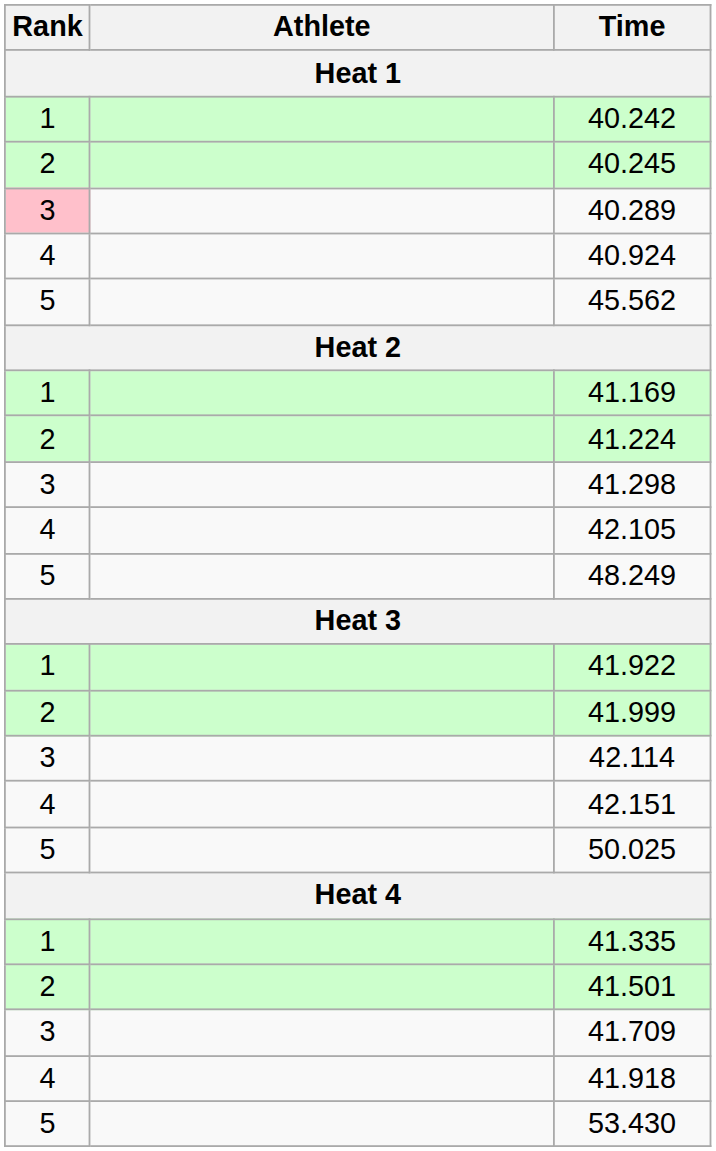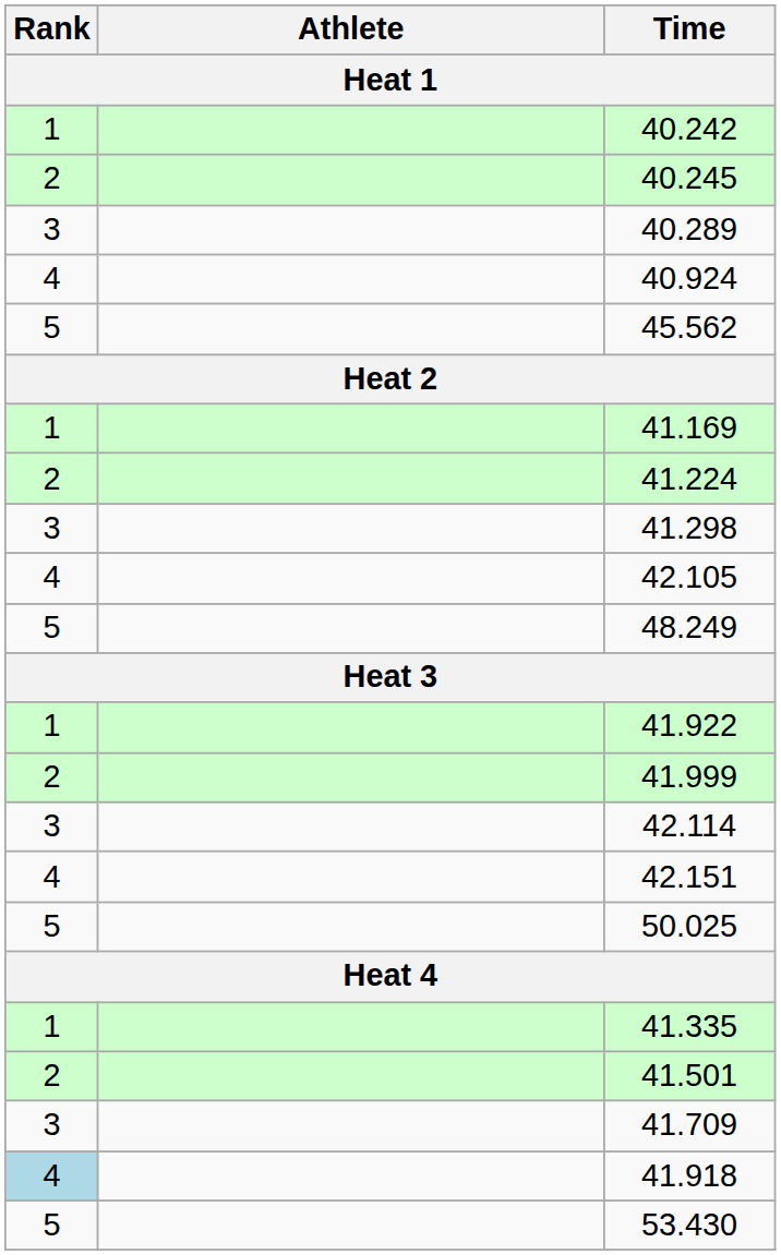 <table class=wikitable style="text-align:center">
 <tr>
 <th width=40>Rank</th>
 <th width=250>Athlete</th>
 <th width=80>Time</th>
 </tr>
 <tr>
 <th colspan=3>Heat 1</th>
 </tr>
 <tr bgcolor="ccffcc">
 <td>1</td>
 <td align=left></td>
 <td>40.242</td>
 </tr>
 <tr bgcolor="ccffcc">
 <td>2</td>
 <td align=left></td>
 <td>40.245</td>
 </tr>
 <tr>
-<td style="background: pink;">3</td>
+<td>3</td>
 <td align=left></td>
 <td>40.289</td>
 </tr>
 <tr>
 <td>4</td>
 <td align=left></td>
 <td>40.924</td>
 </tr>
 <tr>
 <td>5</td>
 <td align=left></td>
 <td>45.562</td>
 </tr>
 <tr>
 <th colspan=3>Heat 2</th>
 </tr>
 <tr bgcolor="ccffcc">
 <td>1</td>
 <td align=left></td>
 <td>41.169</td>
 </tr>
 <tr bgcolor="ccffcc">
 <td>2</td>
 <td align=left></td>
 <td>41.224</td>
 </tr>
 <tr>
 <td>3</td>
 <td align=left></td>
 <td>41.298</td>
 </tr>
 <tr>
 <td>4</td>
 <td align=left></td>
 <td>42.105</td>
 </tr>
 <tr>
 <td>5</td>
 <td align=left></td>
 <td>48.249</td>
 </tr>
 <tr>
 <th colspan=3>Heat 3</th>
 </tr>
 <tr bgcolor="ccffcc">
 <td>1</td>
 <td align=left></td>
 <td>41.922</td>
 </tr>
 <tr bgcolor="ccffcc">
 <td>2</td>
 <td align=left></td>
 <td>41.999</td>
 </tr>
 <tr>
 <td>3</td>
 <td align=left></td>
 <td>42.114</td>
 </tr>
 <tr>
 <td>4</td>
 <td align=left></td>
 <td>42.151</td>
 </tr>
 <tr>
 <td>5</td>
 <td align=left></td>
 <td>50.025</td>
 </tr>
 <tr>
 <th colspan=3>Heat 4</th>
 </tr>
 <tr bgcolor="ccffcc">
 <td>1</td>
 <td align=left></td>
 <td>41.335</td>
 </tr>
 <tr bgcolor="ccffcc">
 <td>2</td>
 <td align=left></td>
 <td>41.501</td>
 </tr>
 <tr>
 <td>3</td>
 <td align=left></td>
 <td>41.709</td>
 </tr>
 <tr>
-<td>4</td>
+<td style="background: lightblue;">4</td>
 <td align=left></td>
 <td>41.918</td>
 </tr>
 <tr>
 <td>5</td>
 <td align=left></td>
 <td>53.430</td>
 </tr>
 </table>
